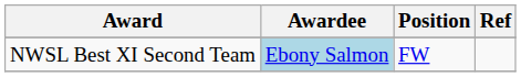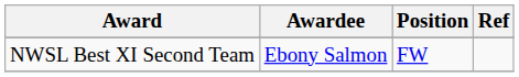 <table class="wikitable">
 <tr style="background:#cccccc;">
 <th>Award</th>
 <th>Awardee</th>
 <th>Position</th>
 <th>Ref</th>
 </tr>
 <tr>
 </tr>
 <tr>
 <td>NWSL Best XI Second Team</td>
-<td style="background: lightblue;"><a href='#'>Ebony Salmon</a></td>
+<td><a href='#'>Ebony Salmon</a></td>
 <td><a href='#'>FW</a></td>
 <td style="text-align: center;"></td>
 </tr>
 <tr>
 </tr>
 </table>
